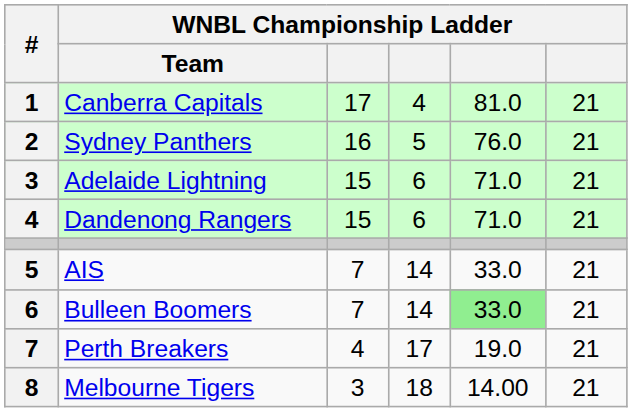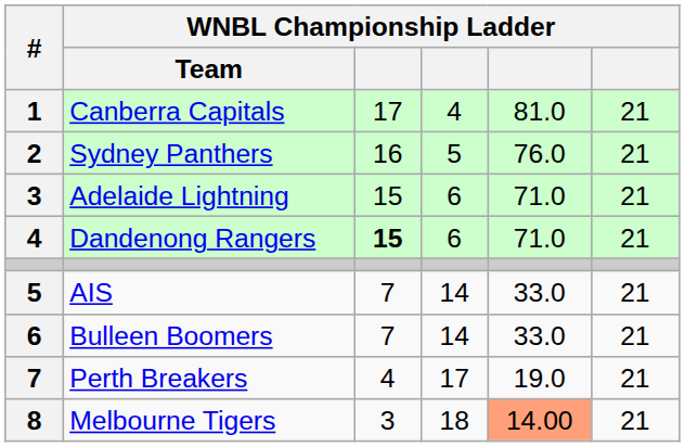 <table class="wikitable" width="43.5%" style="font-size:95%; text-align:center">
 <tr>
 <th width="5%" rowspan=2>#</th>
 <th colspan="6" align="center"><strong>WNBL Championship Ladder</strong></th>
 </tr>
 <tr>
 <th width="25%">Team</th>
 <th width="5%"></th>
 <th width="5%"></th>
 <th width="5%"></th>
 <th width="7.5%"></th>
 </tr>
 <tr style="background-color:#CCFFCC">
 <th>1</th>
 <td style="text-align:left;"><a href='#'>Canberra Capitals</a></td>
 <td>17</td>
 <td>4</td>
 <td>81.0</td>
 <td>21</td>
 </tr>
 <tr style="background-color:#CCFFCC">
 <th>2</th>
 <td style="text-align:left;"><a href='#'>Sydney Panthers</a></td>
 <td>16</td>
 <td>5</td>
 <td>76.0</td>
 <td>21</td>
 </tr>
 <tr style="background-color:#CCFFCC">
 <th>3</th>
 <td style="text-align:left;"><a href='#'>Adelaide Lightning</a></td>
 <td>15</td>
 <td>6</td>
 <td>71.0</td>
 <td>21</td>
 </tr>
 <tr style="background-color:#CCFFCC">
 <th>4</th>
 <td style="text-align:left;"><a href='#'>Dandenong Rangers</a></td>
-<td>15</td>
+<td><strong>15</strong></td>
 <td>6</td>
 <td>71.0</td>
 <td>21</td>
 </tr>
 <tr style="background-color:#cccccc;">
 <td></td>
 <td></td>
 <td></td>
 <td></td>
 <td></td>
 <td></td>
 </tr>
 <tr>
 <th>5</th>
 <td style="text-align:left;"><a href='#'>AIS</a></td>
 <td>7</td>
 <td>14</td>
 <td>33.0</td>
 <td>21</td>
 </tr>
 <tr>
 <th>6</th>
 <td style="text-align:left;"><a href='#'>Bulleen Boomers</a></td>
 <td>7</td>
 <td>14</td>
-<td style="background: lightgreen;">33.0</td>
+<td>33.0</td>
 <td>21</td>
 </tr>
 <tr>
 <th>7</th>
 <td style="text-align:left;"><a href='#'>Perth Breakers</a></td>
 <td>4</td>
 <td>17</td>
 <td>19.0</td>
 <td>21</td>
 </tr>
 <tr>
 <th>8</th>
 <td style="text-align:left;"><a href='#'>Melbourne Tigers</a></td>
 <td>3</td>
 <td>18</td>
-<td>14.00</td>
+<td style="background: lightsalmon;">14.00</td>
 <td>21</td>
 </tr>
 </table>
